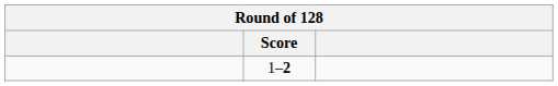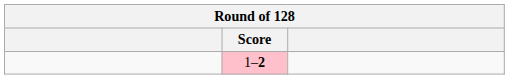 <table class="wikitable" style="text-align: center; font-size:90% ">
 <tr>
 <th colspan=4>Round of 128</th>
 </tr>
 <tr>
 <th width=215></th>
 <th width=60>Score</th>
 <th width=215></th>
 </tr>
 <tr>
 <td align=left></td>
-<td>1–<strong>2</strong></td>
+<td style="background: pink;">1–<strong>2</strong></td>
 <td align=left><strong></strong></td>
 </tr>
 </table>
